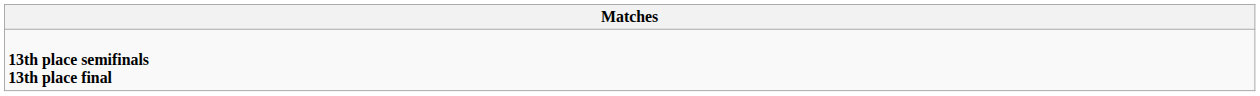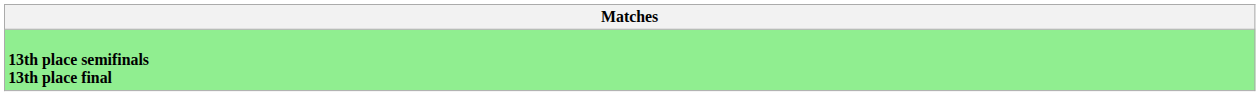 <table class="wikitable collapsible collapsed" style="width:100%;">
 <tr>
 <th>Matches</th>
 </tr>
 <tr>
-<td><br><strong>13th place semifinals</strong>  <br><strong>13th place final</strong><br></td>
+<td style="background: lightgreen;"><br><strong>13th place semifinals</strong>  <br><strong>13th place final</strong><br></td>
 </tr>
 </table>
